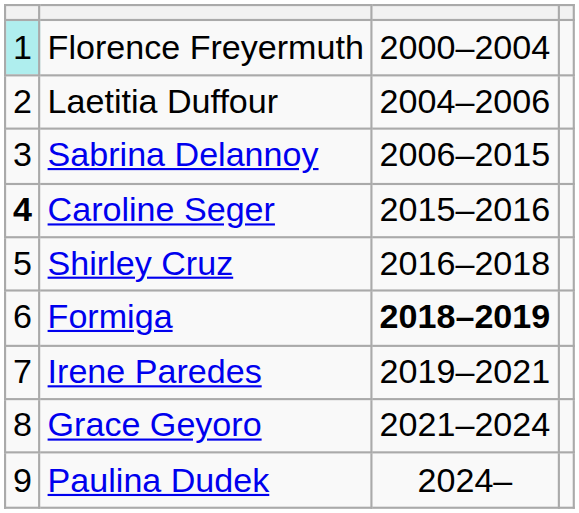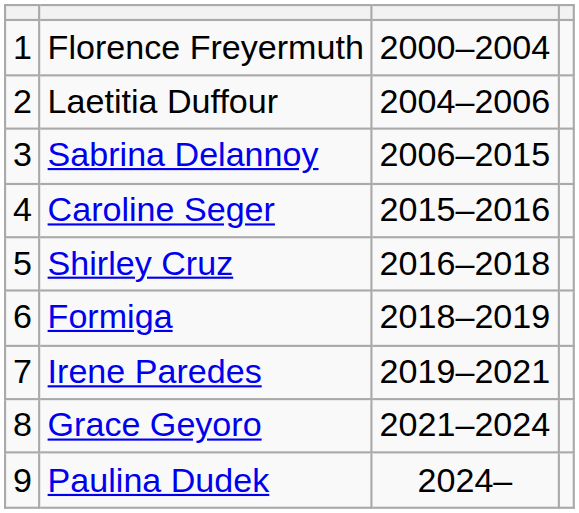 <table class="wikitable plainrowheaders sortable" style="text-align:center">
 <tr>
 <th></th>
 <th></th>
 <th></th>
 <th></th>
 </tr>
 <tr>
-<td style="background: paleturquoise;">1</td>
+<td>1</td>
 <td align="left"> Florence Freyermuth</td>
 <td>2000–2004</td>
 <td></td>
 </tr>
 <tr>
 <td>2</td>
 <td align="left"> Laetitia Duffour</td>
 <td>2004–2006</td>
 <td></td>
 </tr>
 <tr>
 <td>3</td>
 <td align="left"> <a href='#'>Sabrina Delannoy</a></td>
 <td>2006–2015</td>
 <td></td>
 </tr>
 <tr>
-<td><strong>4</strong></td>
+<td>4</td>
 <td align="left"> <a href='#'>Caroline Seger</a></td>
 <td>2015–2016</td>
 <td></td>
 </tr>
 <tr>
 <td>5</td>
 <td align="left"> <a href='#'>Shirley Cruz</a></td>
 <td>2016–2018</td>
 <td></td>
 </tr>
 <tr>
 <td>6</td>
 <td align="left"> <a href='#'>Formiga</a></td>
-<td><strong>2018–2019</strong></td>
+<td>2018–2019</td>
 <td></td>
 </tr>
 <tr>
 <td>7</td>
 <td align="left"> <a href='#'>Irene Paredes</a></td>
 <td>2019–2021</td>
 <td></td>
 </tr>
 <tr>
 <td>8</td>
 <td align="left"> <a href='#'>Grace Geyoro</a></td>
 <td>2021–2024</td>
 <td></td>
 </tr>
 <tr>
 <td>9</td>
 <td align="left"> <a href='#'>Paulina Dudek</a></td>
 <td>2024–</td>
 <td></td>
 </tr>
 </table>
